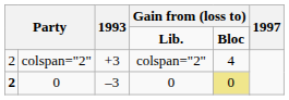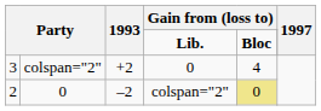 <table class="wikitable" style="text-align:center" align="center">
 <tr>
 <th rowspan="2" colspan="2">Party</th>
 <th rowspan="2">1993</th>
 <th colspan="4">Gain from (loss to)</th>
 <th rowspan="2">1997</th>
 </tr>
 <tr>
 <td><strong>Lib.</strong></td>
 <td><strong>Bloc</strong></td>
 </tr>
 <tr>
-<td>2</td>
+<td>3</td>
 <td>colspan="2" </td>
-<td>+3</td>
-<td>colspan="2" </td>
+<td>+2</td>
+<td>0</td>
 <td>4</td>
 </tr>
 <tr>
-<td><strong>2</strong></td>
+<td>2</td>
 <td>0</td>
-<td>–3</td>
-<td>0</td>
+<td>–2</td>
+<td>colspan="2" </td>
 <td style="background: khaki;">0</td>
 </tr>
 </table>
